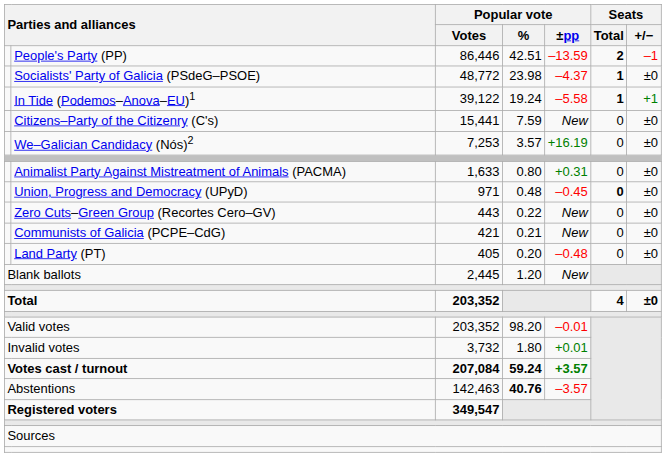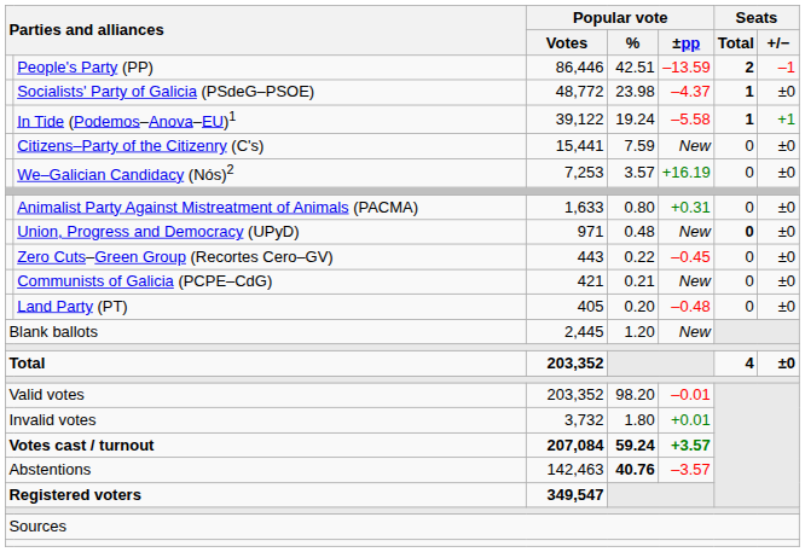 <table class="wikitable" style="text-align:right;">
 <tr>
 <th style="text-align:left;" rowspan="2" colspan="2" width="525">Parties and alliances</th>
 <th colspan="3">Popular vote</th>
 <th colspan="2">Seats</th>
 </tr>
 <tr>
 <th width="75">Votes</th>
 <th width="45">%</th>
 <th width="45">±<a href='#'>pp</a></th>
 <th width="35">Total</th>
 <th width="35">+/−</th>
 </tr>
 <tr>
 <td width="1" style="color:inherit;background:"></td>
 <td align="left"><a href='#'>People's Party</a> (PP)</td>
 <td>86,446</td>
 <td>42.51</td>
 <td style="color:red;">–13.59</td>
 <td><strong>2</strong></td>
 <td style="color:red;">–1</td>
 </tr>
 <tr>
 <td style="color:inherit;background:"></td>
 <td align="left"><a href='#'>Socialists' Party of Galicia</a> (PSdeG–PSOE)</td>
 <td>48,772</td>
 <td>23.98</td>
 <td style="color:red;">–4.37</td>
 <td><strong>1</strong></td>
 <td>±0</td>
 </tr>
 <tr>
 <td style="color:inherit;background:"></td>
 <td align="left"><a href='#'>In Tide</a> (<a href='#'>Podemos</a>–<a href='#'>Anova</a>–<a href='#'>EU</a>)<sup>1</sup></td>
 <td>39,122</td>
 <td>19.24</td>
 <td style="color:red;">–5.58</td>
 <td><strong>1</strong></td>
 <td style="color:green;">+1</td>
 </tr>
 <tr>
 <td style="color:inherit;background:"></td>
 <td align="left"><a href='#'>Citizens–Party of the Citizenry</a> (C's)</td>
 <td>15,441</td>
 <td>7.59</td>
 <td><em>New</em></td>
 <td>0</td>
 <td>±0</td>
 </tr>
 <tr>
 <td style="color:inherit;background:"></td>
 <td align="left"><a href='#'>We–Galician Candidacy</a> (Nós)<sup>2</sup></td>
 <td>7,253</td>
 <td>3.57</td>
 <td style="color:green;">+16.19</td>
 <td>0</td>
 <td>±0</td>
 </tr>
 <tr>
 <td colspan="7" bgcolor="#C0C0C0"></td>
 </tr>
 <tr>
 <td style="color:inherit;background:"></td>
 <td align="left"><a href='#'>Animalist Party Against Mistreatment of Animals</a> (PACMA)</td>
 <td>1,633</td>
 <td>0.80</td>
 <td style="color:green;">+0.31</td>
 <td>0</td>
 <td>±0</td>
 </tr>
 <tr>
 <td style="color:inherit;background:"></td>
 <td align="left"><a href='#'>Union, Progress and Democracy</a> (UPyD)</td>
 <td>971</td>
 <td>0.48</td>
-<td style="color:red;">–0.45</td>
+<td><em>New</em></td>
 <td><strong>0</strong></td>
 <td>±0</td>
 </tr>
 <tr>
 <td style="color:inherit;background:"></td>
 <td align="left"><a href='#'>Zero Cuts</a>–<a href='#'>Green Group</a> (Recortes Cero–GV)</td>
 <td>443</td>
 <td>0.22</td>
-<td><em>New</em></td>
+<td style="color:red;">–0.45</td>
 <td>0</td>
 <td>±0</td>
 </tr>
 <tr>
 <td style="color:inherit;background:"></td>
 <td align="left"><a href='#'>Communists of Galicia</a> (PCPE–CdG)</td>
 <td>421</td>
 <td>0.21</td>
 <td><em>New</em></td>
 <td>0</td>
 <td>±0</td>
 </tr>
 <tr>
 <td style="color:inherit;background:"></td>
 <td align="left"><a href='#'>Land Party</a> (PT)</td>
 <td>405</td>
 <td>0.20</td>
 <td style="color:red;">–0.48</td>
 <td>0</td>
 <td>±0</td>
 </tr>
 <tr>
 <td align="left" colspan="2">Blank ballots</td>
 <td>2,445</td>
 <td>1.20</td>
 <td><em>New</em></td>
 <td bgcolor="#E9E9E9" colspan="2"></td>
 </tr>
 <tr>
 <td colspan="7" bgcolor="#E9E9E9"></td>
 </tr>
 <tr style="font-weight:bold;">
 <td align="left" colspan="2">Total</td>
 <td>203,352</td>
 <td bgcolor="#E9E9E9" colspan="2"></td>
 <td>4</td>
 <td>±0</td>
 </tr>
 <tr>
 <td colspan="7" bgcolor="#E9E9E9"></td>
 </tr>
 <tr>
 <td align="left" colspan="2">Valid votes</td>
 <td>203,352</td>
 <td>98.20</td>
 <td style="color:red;">–0.01</td>
 <td bgcolor="#E9E9E9" colspan="2" rowspan="5"></td>
 </tr>
 <tr>
 <td align="left" colspan="2">Invalid votes</td>
 <td>3,732</td>
 <td>1.80</td>
 <td style="color:green;">+0.01</td>
 </tr>
 <tr style="font-weight:bold;">
 <td align="left" colspan="2">Votes cast / turnout</td>
 <td>207,084</td>
 <td>59.24</td>
 <td style="color:green;">+3.57</td>
 </tr>
 <tr>
 <td align="left" colspan="2">Abstentions</td>
 <td>142,463</td>
 <td><strong>40.76</strong></td>
 <td style="color:red;">–3.57</td>
 </tr>
 <tr style="font-weight:bold;">
 <td align="left" colspan="2">Registered voters</td>
 <td>349,547</td>
 <td bgcolor="#E9E9E9" colspan="2"></td>
 </tr>
 <tr>
 <td colspan="7" bgcolor="#E9E9E9"></td>
 </tr>
 <tr>
 <td align="left" colspan="7">Sources</td>
 </tr>
 <tr>
 <td colspan="7" style="text-align:left; max-width:790px;"></td>
 </tr>
 </table>
